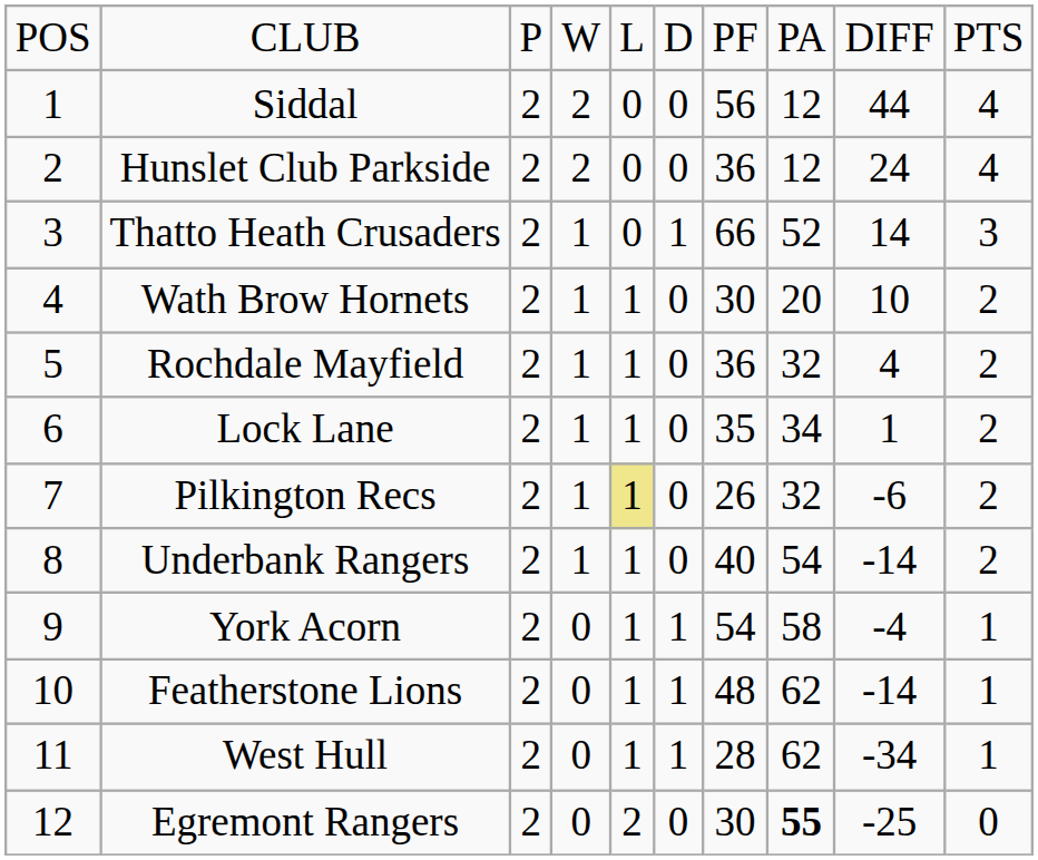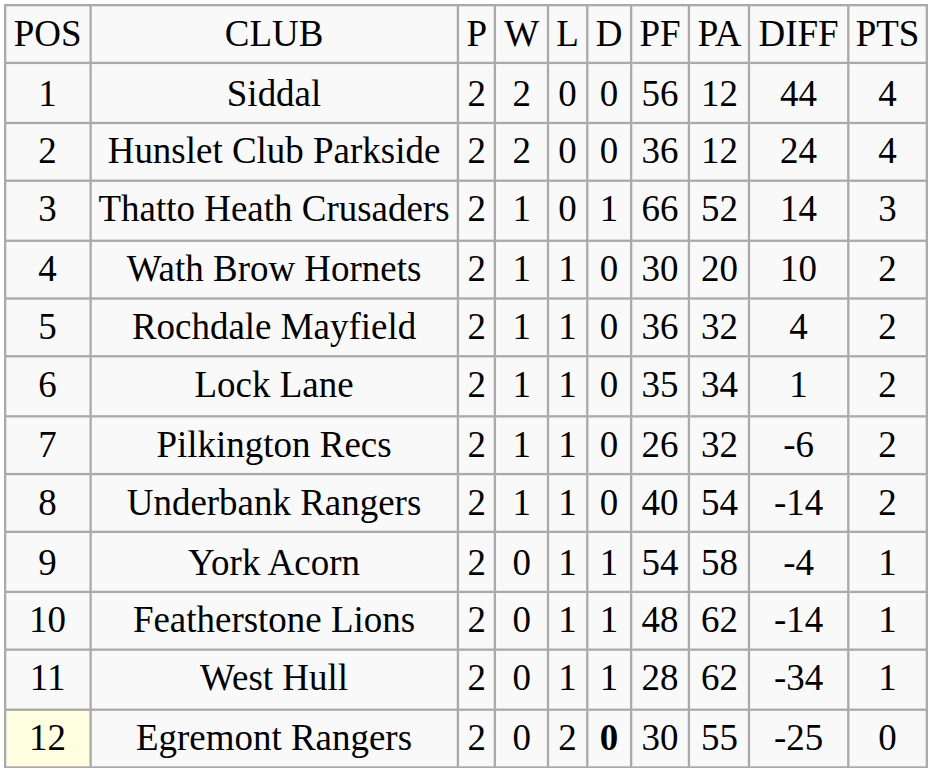 <table class="wikitable" style="text-align: center;">
 <tr>
 <td>POS</td>
 <td>CLUB</td>
 <td>P</td>
 <td>W</td>
 <td>L</td>
 <td>D</td>
 <td>PF</td>
 <td>PA</td>
 <td>DIFF</td>
 <td>PTS</td>
 </tr>
 <tr>
 <td>1</td>
 <td>Siddal</td>
 <td>2</td>
 <td>2</td>
 <td>0</td>
 <td>0</td>
 <td>56</td>
 <td>12</td>
 <td>44</td>
 <td>4</td>
 </tr>
 <tr>
 <td>2</td>
 <td>Hunslet Club Parkside</td>
 <td>2</td>
 <td>2</td>
 <td>0</td>
 <td>0</td>
 <td>36</td>
 <td>12</td>
 <td>24</td>
 <td>4</td>
 </tr>
 <tr>
 <td>3</td>
 <td>Thatto Heath Crusaders</td>
 <td>2</td>
 <td>1</td>
 <td>0</td>
 <td>1</td>
 <td>66</td>
 <td>52</td>
 <td>14</td>
 <td>3</td>
 </tr>
 <tr>
 <td>4</td>
 <td>Wath Brow Hornets</td>
 <td>2</td>
 <td>1</td>
 <td>1</td>
 <td>0</td>
 <td>30</td>
 <td>20</td>
 <td>10</td>
 <td>2</td>
 </tr>
 <tr>
 <td>5</td>
 <td>Rochdale Mayfield</td>
 <td>2</td>
 <td>1</td>
 <td>1</td>
 <td>0</td>
 <td>36</td>
 <td>32</td>
 <td>4</td>
 <td>2</td>
 </tr>
 <tr>
 <td>6</td>
 <td>Lock Lane</td>
 <td>2</td>
 <td>1</td>
 <td>1</td>
 <td>0</td>
 <td>35</td>
 <td>34</td>
 <td>1</td>
 <td>2</td>
 </tr>
 <tr>
 <td>7</td>
 <td>Pilkington Recs</td>
 <td>2</td>
 <td>1</td>
-<td style="background: khaki;">1</td>
+<td>1</td>
 <td>0</td>
 <td>26</td>
 <td>32</td>
 <td>-6</td>
 <td>2</td>
 </tr>
 <tr>
 <td>8</td>
 <td>Underbank Rangers</td>
 <td>2</td>
 <td>1</td>
 <td>1</td>
 <td>0</td>
 <td>40</td>
 <td>54</td>
 <td>-14</td>
 <td>2</td>
 </tr>
 <tr>
 <td>9</td>
 <td>York Acorn</td>
 <td>2</td>
 <td>0</td>
 <td>1</td>
 <td>1</td>
 <td>54</td>
 <td>58</td>
 <td>-4</td>
 <td>1</td>
 </tr>
 <tr>
 <td>10</td>
 <td>Featherstone Lions</td>
 <td>2</td>
 <td>0</td>
 <td>1</td>
 <td>1</td>
 <td>48</td>
 <td>62</td>
 <td>-14</td>
 <td>1</td>
 </tr>
 <tr>
 <td>11</td>
 <td>West Hull</td>
 <td>2</td>
 <td>0</td>
 <td>1</td>
 <td>1</td>
 <td>28</td>
 <td>62</td>
 <td>-34</td>
 <td>1</td>
 </tr>
 <tr>
-<td>12</td>
+<td style="background: lightyellow;">12</td>
 <td>Egremont Rangers</td>
 <td>2</td>
 <td>0</td>
 <td>2</td>
-<td>0</td>
+<td><strong>0</strong></td>
 <td>30</td>
-<td><strong>55</strong></td>
+<td>55</td>
 <td>-25</td>
 <td>0</td>
 </tr>
 </table>
